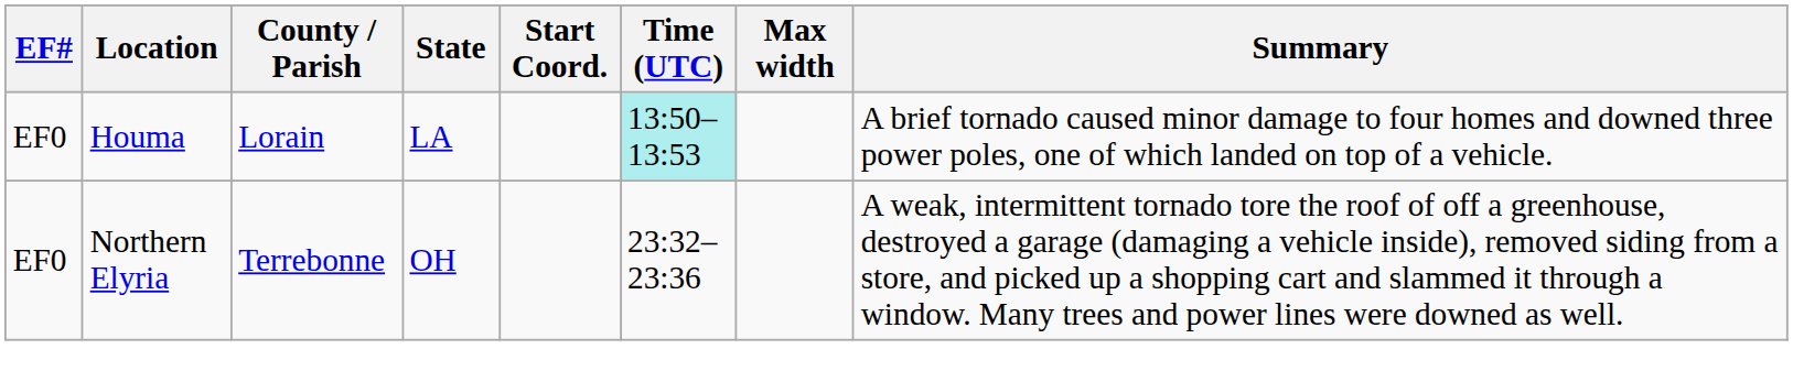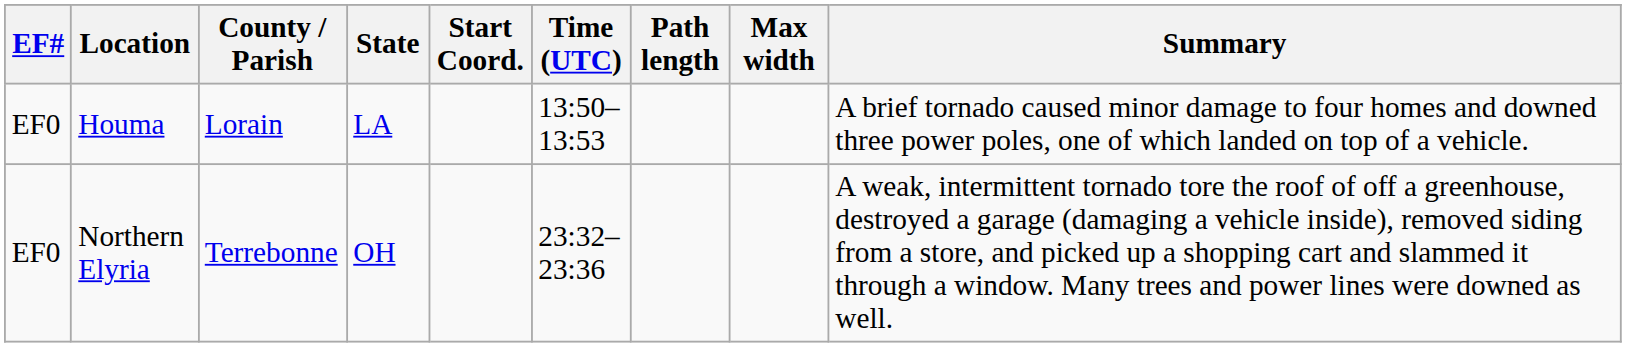 <table class="wikitable sortable" style="width:100%;">
 <tr>
 <th scope="col"  style="width:3%; text-align:center;"><a href='#'>EF#</a></th>
 <th scope="col"  style="width:7%; text-align:center;" class="unsortable">Location</th>
 <th scope="col"  style="width:6%; text-align:center;" class="unsortable">County / Parish</th>
 <th scope="col"  style="width:5%; text-align:center;">State</th>
 <th scope="col"  style="width:6%; text-align:center;">Start Coord.</th>
 <th scope="col"  style="width:6%; text-align:center;">Time (<a href='#'>UTC</a>)</th>
+<th scope="col"  style="width:6%; text-align:center;">Path length</th>
 <th scope="col"  style="width:6%; text-align:center;">Max width</th>
 <th scope="col" class="unsortable" style="width:48%; text-align:center;">Summary</th>
 </tr>
 <tr>
 <td>EF0</td>
 <td><a href='#'>Houma</a></td>
 <td><a href='#'>Lorain</a></td>
 <td><a href='#'>LA</a></td>
 <td></td>
-<td style="background: paleturquoise;">13:50–13:53</td>
+<td>13:50–13:53</td>
+<td></td>
 <td></td>
 <td>A brief tornado caused minor damage to four homes and downed three power poles, one of which landed on top of a vehicle.</td>
 </tr>
 <tr>
 <td>EF0</td>
 <td>Northern <a href='#'>Elyria</a></td>
 <td><a href='#'>Terrebonne</a></td>
 <td><a href='#'>OH</a></td>
 <td></td>
 <td>23:32–23:36</td>
 <td></td>
+<td></td>
 <td>A weak, intermittent tornado tore the roof of off a greenhouse, destroyed a garage (damaging a vehicle inside), removed siding from a store, and picked up a shopping cart and slammed it through a window. Many trees and power lines were downed as well.</td>
 </tr>
 </table>
